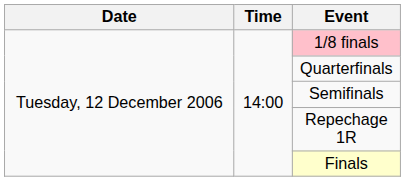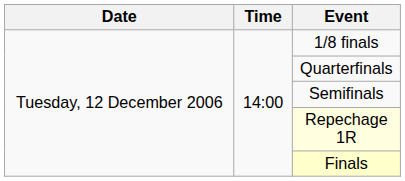 <table class = "wikitable" style="text-align:center;">
 <tr>
 <th width=220>Date</th>
 <th width=50>Time</th>
 <th width=100>Event</th>
 </tr>
 <tr>
 <td rowspan=5>Tuesday, 12 December 2006</td>
 <td rowspan=5>14:00</td>
-<td style="background: pink;">1/8 finals</td>
+<td>1/8 finals</td>
 </tr>
 <tr>
 <td>Quarterfinals</td>
 </tr>
 <tr>
 <td>Semifinals</td>
 </tr>
 <tr>
-<td>Repechage 1R</td>
+<td style="background: lightyellow;">Repechage 1R</td>
 </tr>
 <tr>
 <td bgcolor=ffffcc>Finals</td>
 </tr>
 </table>
